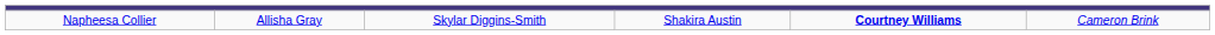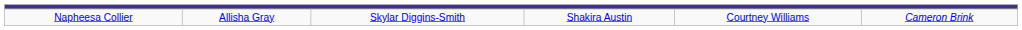 <table class="wikitable" style="width:100%; text-align:center; font-size:100%">
 <tr>
 <th style="background:#40347d" colspan="6" align="center"></th>
 </tr>
 <tr>
 <td><a href='#'>Napheesa Collier</a></td>
 <td><a href='#'>Allisha Gray</a></td>
 <td><a href='#'>Skylar Diggins-Smith</a></td>
 <td><a href='#'>Shakira Austin</a></td>
-<td><strong><a href='#'>Courtney Williams</a></strong></td>
+<td><a href='#'>Courtney Williams</a></td>
 <td><em><a href='#'>Cameron Brink</a></em></td>
 </tr>
 </table>
